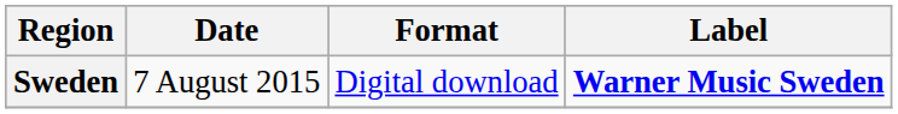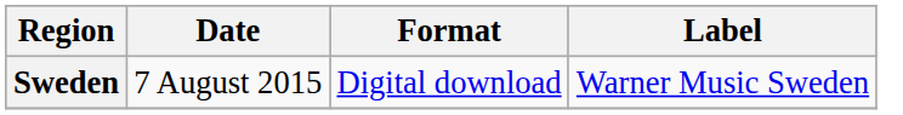 <table class="wikitable plainrowheaders">
 <tr>
 <th scope="col">Region</th>
 <th scope="col">Date</th>
 <th scope="col">Format</th>
 <th scope="col">Label</th>
 </tr>
 <tr>
 <th scope="row">Sweden</th>
 <td>7 August 2015</td>
 <td><a href='#'>Digital download</a></td>
-<td><strong><a href='#'>Warner Music Sweden</a></strong></td>
+<td><a href='#'>Warner Music Sweden</a></td>
 </tr>
 <tr>
 </tr>
 </table>
